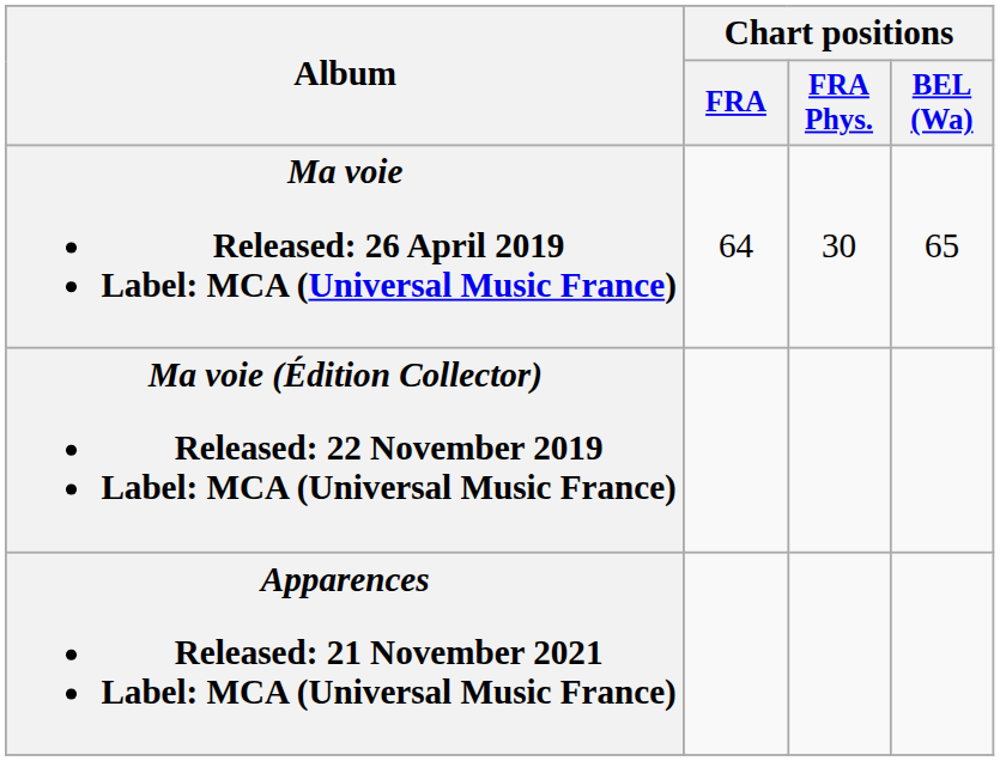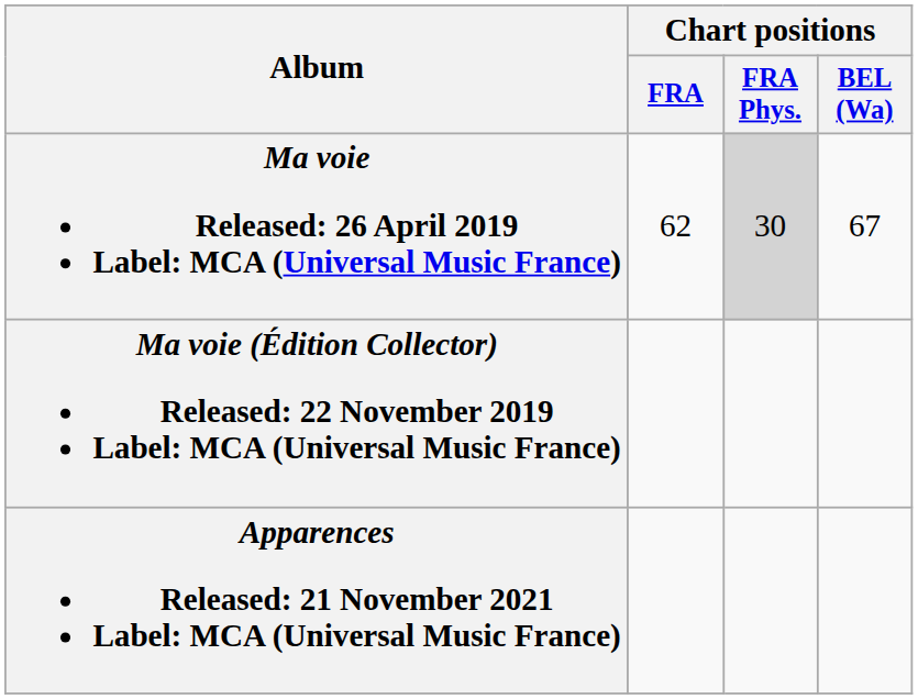 <table class="wikitable plainrowheaders" style="text-align:center;">
 <tr>
 <th rowspan="2">Album</th>
 <th colspan="3">Chart positions</th>
 </tr>
 <tr>
 <th style="width:3em;font-size:85%"><a href='#'>FRA</a><br></th>
 <th style="width:3em;font-size:85%"><a href='#'>FRA<br>Phys.</a><br></th>
 <th style="width:3em;font-size:85%"><a href='#'>BEL<br>(Wa)</a><br></th>
 </tr>
 <tr>
 <th scope="row" align="left"><em>Ma voie</em><br><ul><li>Released: 26 April 2019</li><li>Label: MCA  (<a href='#'>Universal Music France</a>)</li></ul></th>
-<td>64</td>
-<td>30</td>
-<td>65</td>
+<td>62</td>
+<td style="background: lightgrey;">30</td>
+<td>67</td>
 </tr>
 <tr>
 <th scope="row" align="left"><em>Ma voie (Édition Collector)</em><br><ul><li>Released: 22 November 2019</li><li>Label: MCA  (Universal Music France)</li></ul></th>
 <td></td>
 <td></td>
 <td></td>
 </tr>
 <tr>
 <th scope="row" align="left"><em>Apparences</em><br><ul><li>Released: 21 November 2021</li><li>Label: MCA  (Universal Music France)</li></ul></th>
 <td></td>
 <td></td>
 <td></td>
 </tr>
 </table>
